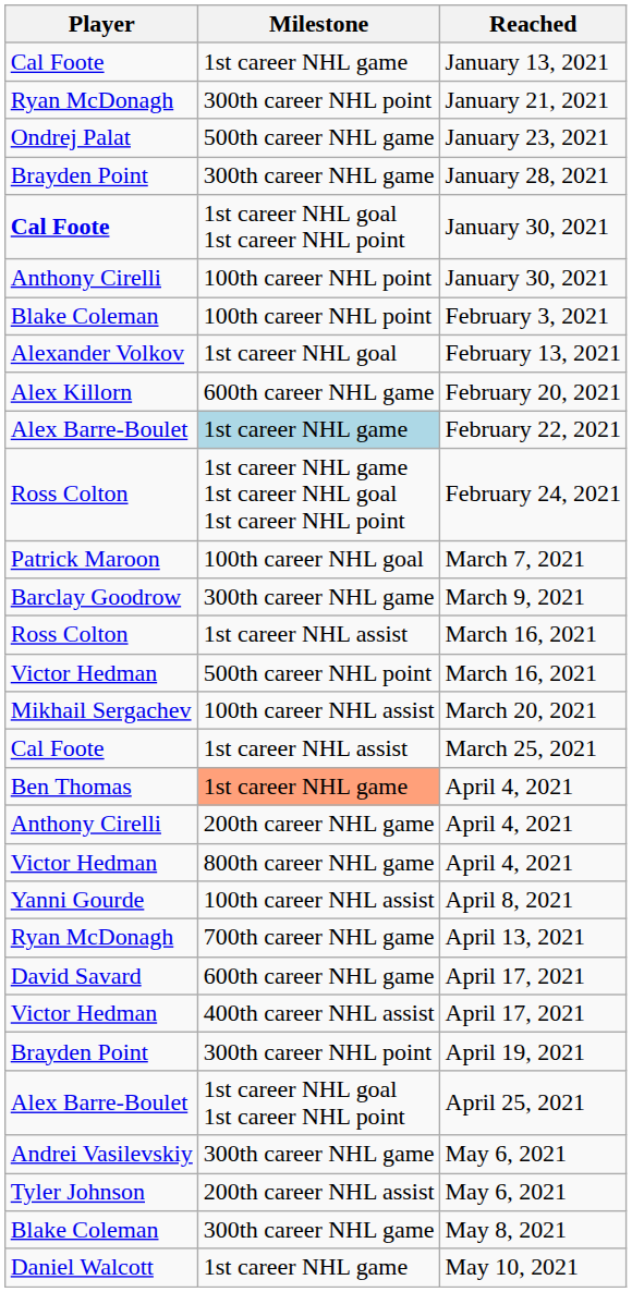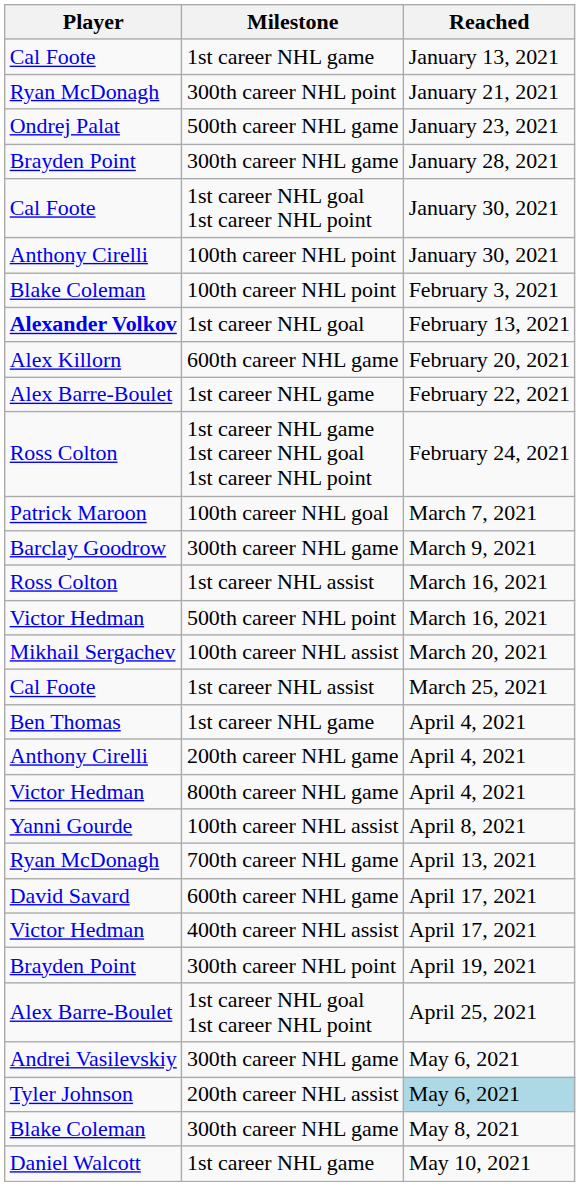 <table class="wikitable sortable">
 <tr align=center>
 <th>Player</th>
 <th>Milestone</th>
 <th data-sort-type="date">Reached</th>
 </tr>
 <tr>
 <td><a href='#'>Cal Foote</a></td>
 <td>1st career NHL game</td>
 <td>January 13, 2021</td>
 </tr>
 <tr>
 <td><a href='#'>Ryan McDonagh</a></td>
 <td>300th career NHL point</td>
 <td>January 21, 2021</td>
 </tr>
 <tr>
 <td><a href='#'>Ondrej Palat</a></td>
 <td>500th career NHL game</td>
 <td>January 23, 2021</td>
 </tr>
 <tr>
 <td><a href='#'>Brayden Point</a></td>
 <td>300th career NHL game</td>
 <td>January 28, 2021</td>
 </tr>
 <tr>
-<td><strong><a href='#'>Cal Foote</a></strong></td>
+<td><a href='#'>Cal Foote</a></td>
 <td>1st career NHL goal<br>1st career NHL point</td>
 <td>January 30, 2021</td>
 </tr>
 <tr>
 <td><a href='#'>Anthony Cirelli</a></td>
 <td>100th career NHL point</td>
 <td>January 30, 2021</td>
 </tr>
 <tr>
 <td><a href='#'>Blake Coleman</a></td>
 <td>100th career NHL point</td>
 <td>February 3, 2021</td>
 </tr>
 <tr>
-<td><a href='#'>Alexander Volkov</a></td>
+<td><strong><a href='#'>Alexander Volkov</a></strong></td>
 <td>1st career NHL goal</td>
 <td>February 13, 2021</td>
 </tr>
 <tr>
 <td><a href='#'>Alex Killorn</a></td>
 <td>600th career NHL game</td>
 <td>February 20, 2021</td>
 </tr>
 <tr>
 <td><a href='#'>Alex Barre-Boulet</a></td>
-<td style="background: lightblue;">1st career NHL game</td>
+<td>1st career NHL game</td>
 <td>February 22, 2021</td>
 </tr>
 <tr>
 <td><a href='#'>Ross Colton</a></td>
 <td>1st career NHL game<br>1st career NHL goal<br>1st career NHL point</td>
 <td>February 24, 2021</td>
 </tr>
 <tr>
 <td><a href='#'>Patrick Maroon</a></td>
 <td>100th career NHL goal</td>
 <td>March 7, 2021</td>
 </tr>
 <tr>
 <td><a href='#'>Barclay Goodrow</a></td>
 <td>300th career NHL game</td>
 <td>March 9, 2021</td>
 </tr>
 <tr>
 <td><a href='#'>Ross Colton</a></td>
 <td>1st career NHL assist</td>
 <td>March 16, 2021</td>
 </tr>
 <tr>
 <td><a href='#'>Victor Hedman</a></td>
 <td>500th career NHL point</td>
 <td>March 16, 2021</td>
 </tr>
 <tr>
 <td><a href='#'>Mikhail Sergachev</a></td>
 <td>100th career NHL assist</td>
 <td>March 20, 2021</td>
 </tr>
 <tr>
 <td><a href='#'>Cal Foote</a></td>
 <td>1st career NHL assist</td>
 <td>March 25, 2021</td>
 </tr>
 <tr>
 <td><a href='#'>Ben Thomas</a></td>
-<td style="background: lightsalmon;">1st career NHL game</td>
+<td>1st career NHL game</td>
 <td>April 4, 2021</td>
 </tr>
 <tr>
 <td><a href='#'>Anthony Cirelli</a></td>
 <td>200th career NHL game</td>
 <td>April 4, 2021</td>
 </tr>
 <tr>
 <td><a href='#'>Victor Hedman</a></td>
 <td>800th career NHL game</td>
 <td>April 4, 2021</td>
 </tr>
 <tr>
 <td><a href='#'>Yanni Gourde</a></td>
 <td>100th career NHL assist</td>
 <td>April 8, 2021</td>
 </tr>
 <tr>
 <td><a href='#'>Ryan McDonagh</a></td>
 <td>700th career NHL game</td>
 <td>April 13, 2021</td>
 </tr>
 <tr>
 <td><a href='#'>David Savard</a></td>
 <td>600th career NHL game</td>
 <td>April 17, 2021</td>
 </tr>
 <tr>
 <td><a href='#'>Victor Hedman</a></td>
 <td>400th career NHL assist</td>
 <td>April 17, 2021</td>
 </tr>
 <tr>
 <td><a href='#'>Brayden Point</a></td>
 <td>300th career NHL point</td>
 <td>April 19, 2021</td>
 </tr>
 <tr>
 <td><a href='#'>Alex Barre-Boulet</a></td>
 <td>1st career NHL goal<br>1st career NHL point</td>
 <td>April 25, 2021</td>
 </tr>
 <tr>
 <td><a href='#'>Andrei Vasilevskiy</a></td>
 <td>300th career NHL game</td>
 <td>May 6, 2021</td>
 </tr>
 <tr>
 <td><a href='#'>Tyler Johnson</a></td>
 <td>200th career NHL assist</td>
-<td>May 6, 2021</td>
+<td style="background: lightblue;">May 6, 2021</td>
 </tr>
 <tr>
 <td><a href='#'>Blake Coleman</a></td>
 <td>300th career NHL game</td>
 <td>May 8, 2021</td>
 </tr>
 <tr>
 <td><a href='#'>Daniel Walcott</a></td>
 <td>1st career NHL game</td>
 <td>May 10, 2021</td>
 </tr>
 </table>
